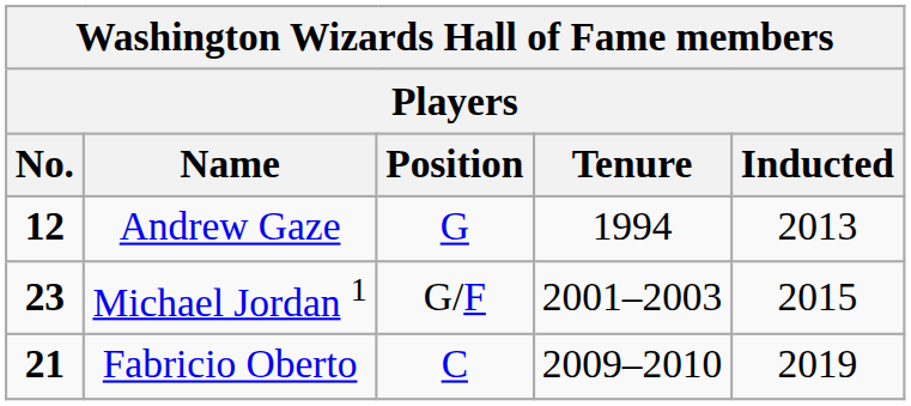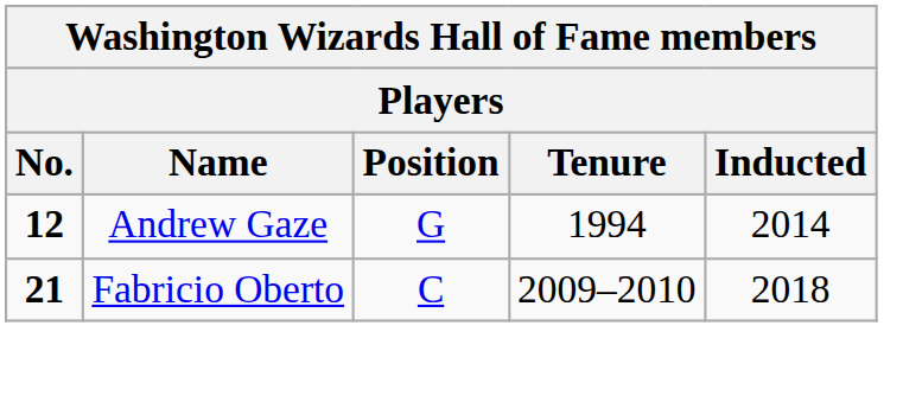 <table class="wikitable" style="text-align:center">
 <tr>
 <th colspan="5">Washington Wizards Hall of Fame members</th>
 </tr>
 <tr>
 <th colspan="5" style="text-align:center; ">Players</th>
 </tr>
 <tr>
 <th>No.</th>
 <th>Name</th>
 <th>Position</th>
 <th>Tenure</th>
 <th>Inducted</th>
 </tr>
 <tr>
 <td><strong>12</strong></td>
 <td><a href='#'>Andrew Gaze</a></td>
 <td><a href='#'>G</a></td>
 <td>1994</td>
-<td>2013</td>
-</tr>
-<tr>
-<td><strong>23</strong></td>
-<td><a href='#'>Michael Jordan</a> <sup>1</sup></td>
-<td>G/<a href='#'>F</a></td>
-<td>2001–2003</td>
-<td>2015</td>
+<td>2014</td>
 </tr>
 <tr>
 <td><strong>21</strong></td>
 <td><a href='#'>Fabricio Oberto</a></td>
 <td><a href='#'>C</a></td>
 <td>2009–2010</td>
-<td>2019</td>
+<td>2018</td>
 </tr>
 </table>
